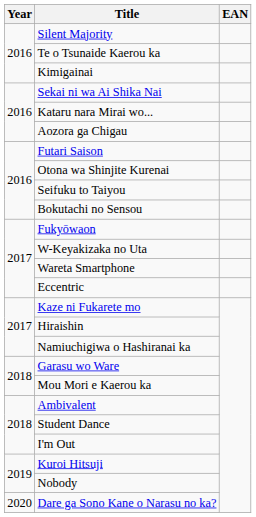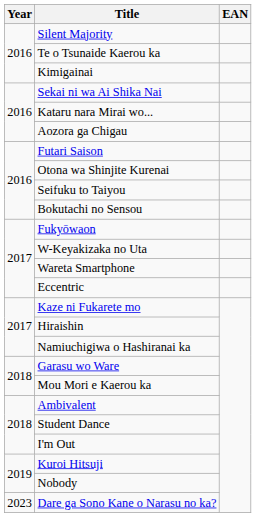 <table class="wikitable">
 <tr>
 <th>Year</th>
 <th>Title</th>
 <th>EAN</th>
 </tr>
 <tr>
 <td rowspan="3">2016</td>
 <td><a href='#'>Silent Majority</a></td>
 <td></td>
 </tr>
 <tr>
 <td>Te o Tsunaide Kaerou ka</td>
 <td></td>
 </tr>
 <tr>
 <td>Kimigainai</td>
 <td></td>
 </tr>
 <tr>
 <td rowspan="3">2016</td>
 <td><a href='#'>Sekai ni wa Ai Shika Nai</a></td>
 <td></td>
 </tr>
 <tr>
 <td>Kataru nara Mirai wo...</td>
 <td></td>
 </tr>
 <tr>
 <td>Aozora ga Chigau</td>
 <td></td>
 </tr>
 <tr>
 <td rowspan="4">2016</td>
 <td><a href='#'>Futari Saison</a></td>
 <td></td>
 </tr>
 <tr>
 <td>Otona wa Shinjite Kurenai</td>
 <td></td>
 </tr>
 <tr>
 <td>Seifuku to Taiyou</td>
 <td></td>
 </tr>
 <tr>
 <td>Bokutachi no Sensou</td>
 <td></td>
 </tr>
 <tr>
 <td rowspan="4">2017</td>
 <td><a href='#'>Fukyōwaon</a></td>
 <td></td>
 </tr>
 <tr>
 <td>W-Keyakizaka no Uta</td>
 <td></td>
 </tr>
 <tr>
 <td>Wareta Smartphone</td>
 <td></td>
 </tr>
 <tr>
 <td>Eccentric</td>
 <td></td>
 </tr>
 <tr>
 <td rowspan="3">2017</td>
 <td><a href='#'>Kaze ni Fukarete mo</a></td>
 </tr>
 <tr>
 <td>Hiraishin</td>
 </tr>
 <tr>
 <td>Namiuchigiwa o Hashiranai ka</td>
 </tr>
 <tr>
 <td rowspan="2">2018</td>
 <td><a href='#'>Garasu wo Ware</a></td>
 </tr>
 <tr>
 <td>Mou Mori e Kaerou ka</td>
 </tr>
 <tr>
 <td rowspan="3">2018</td>
 <td><a href='#'>Ambivalent</a></td>
 </tr>
 <tr>
 <td>Student Dance</td>
 </tr>
 <tr>
 <td>I'm Out</td>
 </tr>
 <tr>
 <td rowspan="2">2019</td>
 <td><a href='#'>Kuroi Hitsuji</a></td>
 </tr>
 <tr>
 <td>Nobody</td>
 </tr>
 <tr>
-<td>2020</td>
+<td>2023</td>
 <td><a href='#'>Dare ga Sono Kane o Narasu no ka?</a></td>
 </tr>
 </table>
